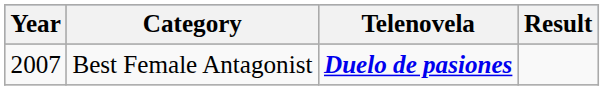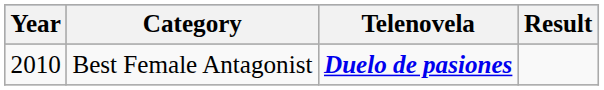 <table class="wikitable">
 <tr style="background:#b0c4de;">
 <th>Year</th>
 <th>Category</th>
 <th>Telenovela</th>
 <th>Result</th>
 </tr>
 <tr>
-<td>2007</td>
+<td>2010</td>
 <td>Best Female Antagonist</td>
 <td><strong><em><a href='#'>Duelo de pasiones</a></em></strong></td>
 <td></td>
 </tr>
 </table>
